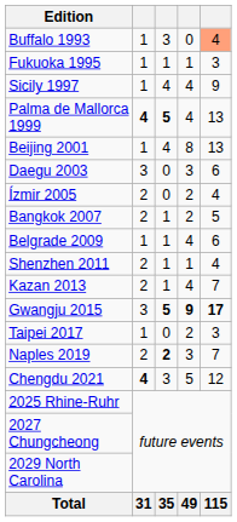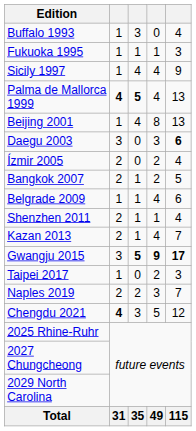 <table class="wikitable" width="40%" style="font-size:100%; text-align:center;">
 <tr>
 <th>Edition</th>
 <th></th>
 <th></th>
 <th></th>
 <th></th>
 </tr>
 <tr>
 <td align="left"> <a href='#'>Buffalo 1993</a></td>
 <td>1</td>
 <td>3</td>
 <td>0</td>
-<td style="background: lightsalmon;">4</td>
+<td>4</td>
 </tr>
 <tr>
 <td align="left"> <a href='#'>Fukuoka 1995</a></td>
 <td>1</td>
 <td>1</td>
 <td>1</td>
 <td>3</td>
 </tr>
 <tr>
 <td align="left"> <a href='#'>Sicily 1997</a></td>
 <td>1</td>
 <td>4</td>
 <td>4</td>
 <td>9</td>
 </tr>
 <tr>
 <td align="left"> <a href='#'>Palma de Mallorca 1999</a></td>
 <td><strong>4</strong></td>
 <td><strong>5</strong></td>
 <td>4</td>
 <td>13</td>
 </tr>
 <tr>
 <td align="left"> <a href='#'>Beijing 2001</a></td>
 <td>1</td>
 <td>4</td>
 <td>8</td>
 <td>13</td>
 </tr>
 <tr>
 <td align="left"> <a href='#'>Daegu 2003</a></td>
 <td>3</td>
 <td>0</td>
 <td>3</td>
-<td>6</td>
+<td><strong>6</strong></td>
 </tr>
 <tr>
 <td align="left"> <a href='#'>Ízmir 2005</a></td>
 <td>2</td>
 <td>0</td>
 <td>2</td>
 <td>4</td>
 </tr>
 <tr>
 <td align="left"> <a href='#'>Bangkok 2007</a></td>
 <td>2</td>
 <td>1</td>
 <td>2</td>
 <td>5</td>
 </tr>
 <tr>
 <td align="left"> <a href='#'>Belgrade 2009</a></td>
 <td>1</td>
 <td>1</td>
 <td>4</td>
 <td>6</td>
 </tr>
 <tr>
 <td align="left"> <a href='#'>Shenzhen 2011</a></td>
 <td>2</td>
 <td>1</td>
 <td>1</td>
 <td>4</td>
 </tr>
 <tr>
 <td align="left"> <a href='#'>Kazan 2013</a></td>
 <td>2</td>
 <td>1</td>
 <td>4</td>
 <td>7</td>
 </tr>
 <tr>
 <td align="left"> <a href='#'>Gwangju 2015</a></td>
 <td>3</td>
 <td><strong>5</strong></td>
 <td><strong>9</strong></td>
 <td><strong>17</strong></td>
 </tr>
 <tr>
 <td align="left"> <a href='#'>Taipei 2017</a></td>
 <td>1</td>
 <td>0</td>
 <td>2</td>
 <td>3</td>
 </tr>
 <tr>
 <td align="left"> <a href='#'>Naples 2019</a></td>
 <td>2</td>
-<td><strong>2</strong></td>
+<td>2</td>
 <td>3</td>
 <td>7</td>
 </tr>
 <tr>
 <td align="left"> <a href='#'>Chengdu 2021</a></td>
 <td><strong>4</strong></td>
 <td>3</td>
 <td>5</td>
 <td>12</td>
 </tr>
 <tr>
 <td align=left> <a href='#'>2025 Rhine-Ruhr</a></td>
 <td colspan=5 rowspan="3"><em>future events</em></td>
 </tr>
 <tr>
 <td align=left> <a href='#'>2027 Chungcheong</a></td>
 </tr>
 <tr>
 <td align=left> <a href='#'>2029 North Carolina</a></td>
 </tr>
 <tr>
 <th>Total</th>
 <th>31</th>
 <th>35</th>
 <th>49</th>
 <th>115</th>
 </tr>
 </table>
